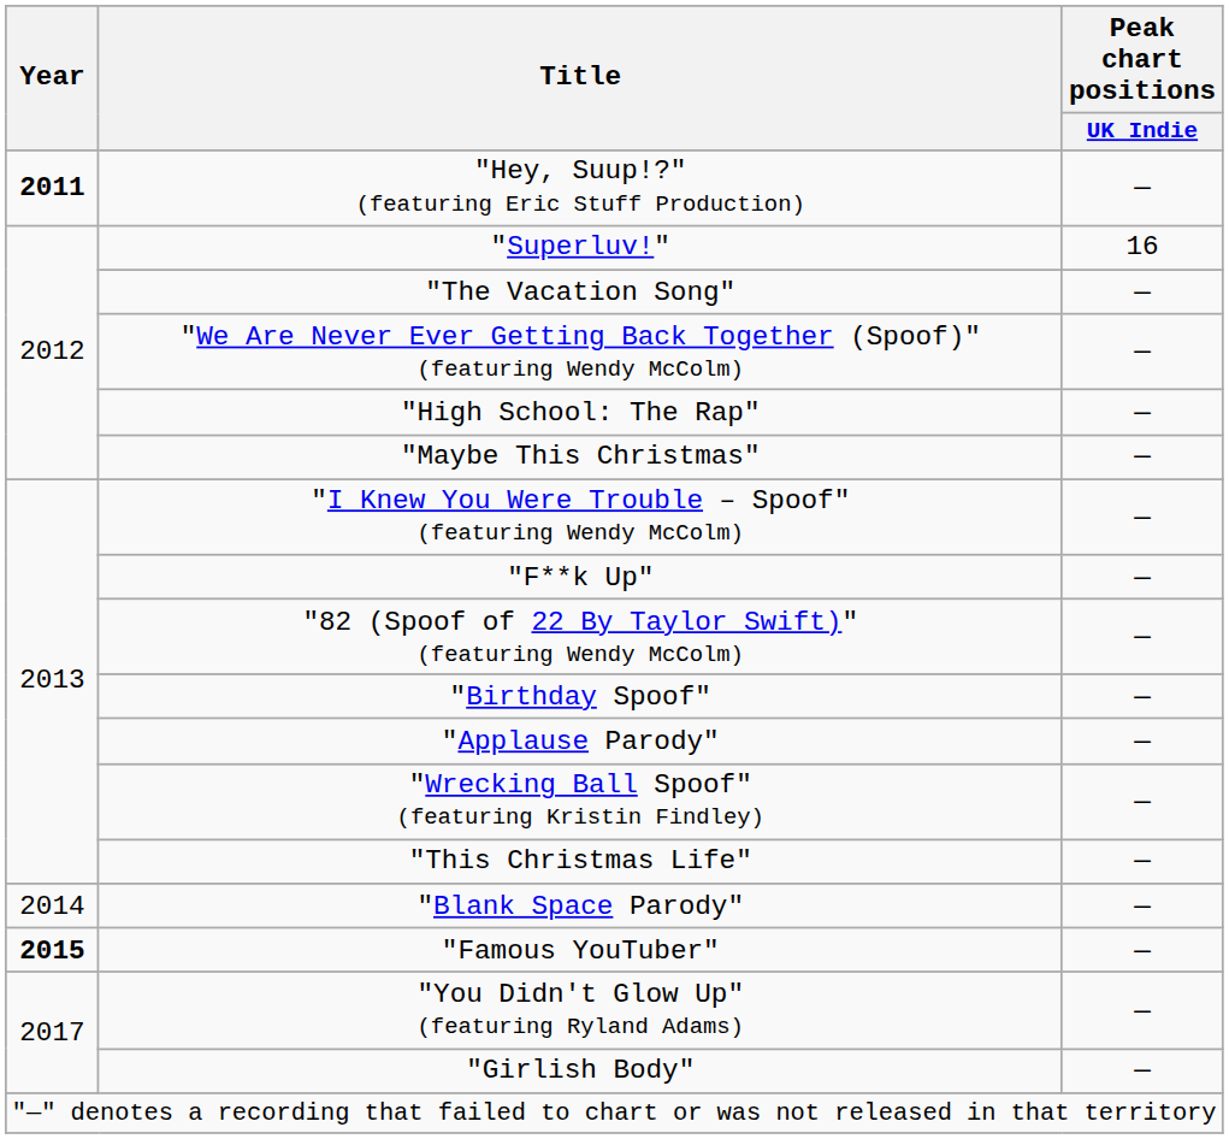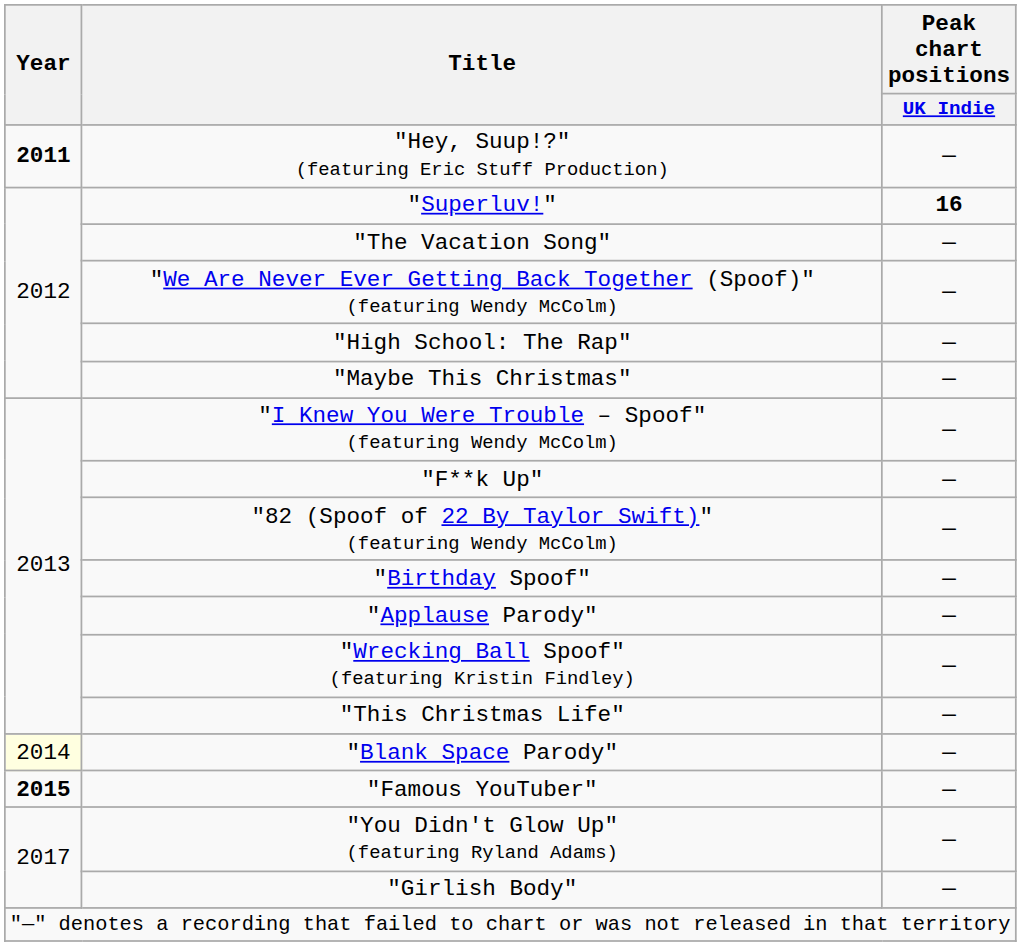 <table class="wikitable plainrowheaders" style="text-align:center;">
 <tr>
 <th scope="col" rowspan="2">Year</th>
 <th scope="col" rowspan="2">Title</th>
 <th scope="col" colspan="1">Peak chart positions</th>
 </tr>
 <tr>
 <th scope="col" style="width:3em;font-size:85%;"><a href='#'>UK Indie</a></th>
 </tr>
 <tr>
 <td><strong>2011</strong></td>
 <td>"Hey, Suup!?"<br><small>(featuring Eric Stuff Production)</small></td>
 <td>—</td>
 </tr>
 <tr>
 <td rowspan="5">2012</td>
 <td>"<a href='#'>Superluv!</a>"</td>
-<td>16</td>
+<td><strong>16</strong></td>
 </tr>
 <tr>
 <td>"The Vacation Song"</td>
 <td>—</td>
 </tr>
 <tr>
 <td>"<a href='#'>We Are Never Ever Getting Back Together</a> (Spoof)"<br><small>(featuring Wendy McColm)</small></td>
 <td>—</td>
 </tr>
 <tr>
 <td>"High School: The Rap"</td>
 <td>—</td>
 </tr>
 <tr>
 <td>"Maybe This Christmas"</td>
 <td>—</td>
 </tr>
 <tr>
 <td rowspan="7">2013</td>
 <td>"<a href='#'>I Knew You Were Trouble</a> – Spoof"<br><small>(featuring Wendy McColm)</small></td>
 <td>—</td>
 </tr>
 <tr>
 <td>"F**k Up"</td>
 <td>—</td>
 </tr>
 <tr>
 <td>"82 (Spoof of <a href='#'>22 By Taylor Swift)</a>"<br><small>(featuring Wendy McColm)</small></td>
 <td>—</td>
 </tr>
 <tr>
 <td>"<a href='#'>Birthday</a> Spoof"</td>
 <td>—</td>
 </tr>
 <tr>
 <td>"<a href='#'>Applause</a> Parody"</td>
 <td>—</td>
 </tr>
 <tr>
 <td>"<a href='#'>Wrecking Ball</a> Spoof"<br><small>(featuring Kristin Findley)</small></td>
 <td>—</td>
 </tr>
 <tr>
 <td>"This Christmas Life"</td>
 <td>—</td>
 </tr>
 <tr>
-<td>2014</td>
+<td style="background: lightyellow;">2014</td>
 <td>"<a href='#'>Blank Space</a> Parody"</td>
 <td>—</td>
 </tr>
 <tr>
 <td><strong>2015</strong></td>
 <td>"Famous YouTuber"</td>
 <td>—</td>
 </tr>
 <tr>
 <td rowspan="2">2017</td>
 <td>"You Didn't Glow Up"<br><small>(featuring Ryland Adams)</small></td>
 <td>—</td>
 </tr>
 <tr>
 <td>"Girlish Body"</td>
 <td>—</td>
 </tr>
 <tr>
 <td colspan="3" style="font-size:90%">"—" denotes a recording that failed to chart or was not released in that territory</td>
 </tr>
 </table>
